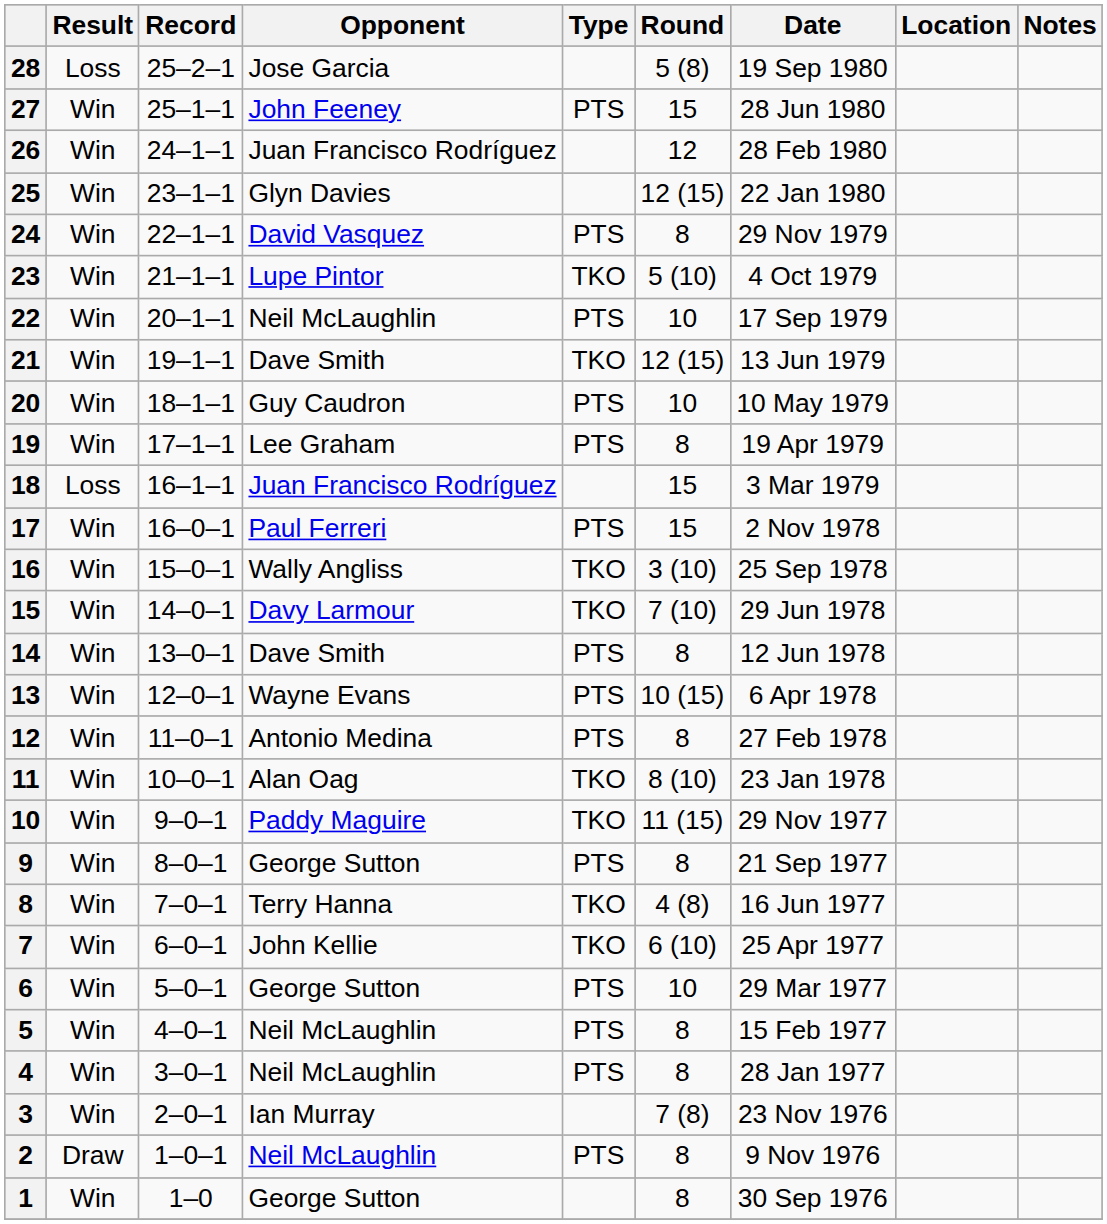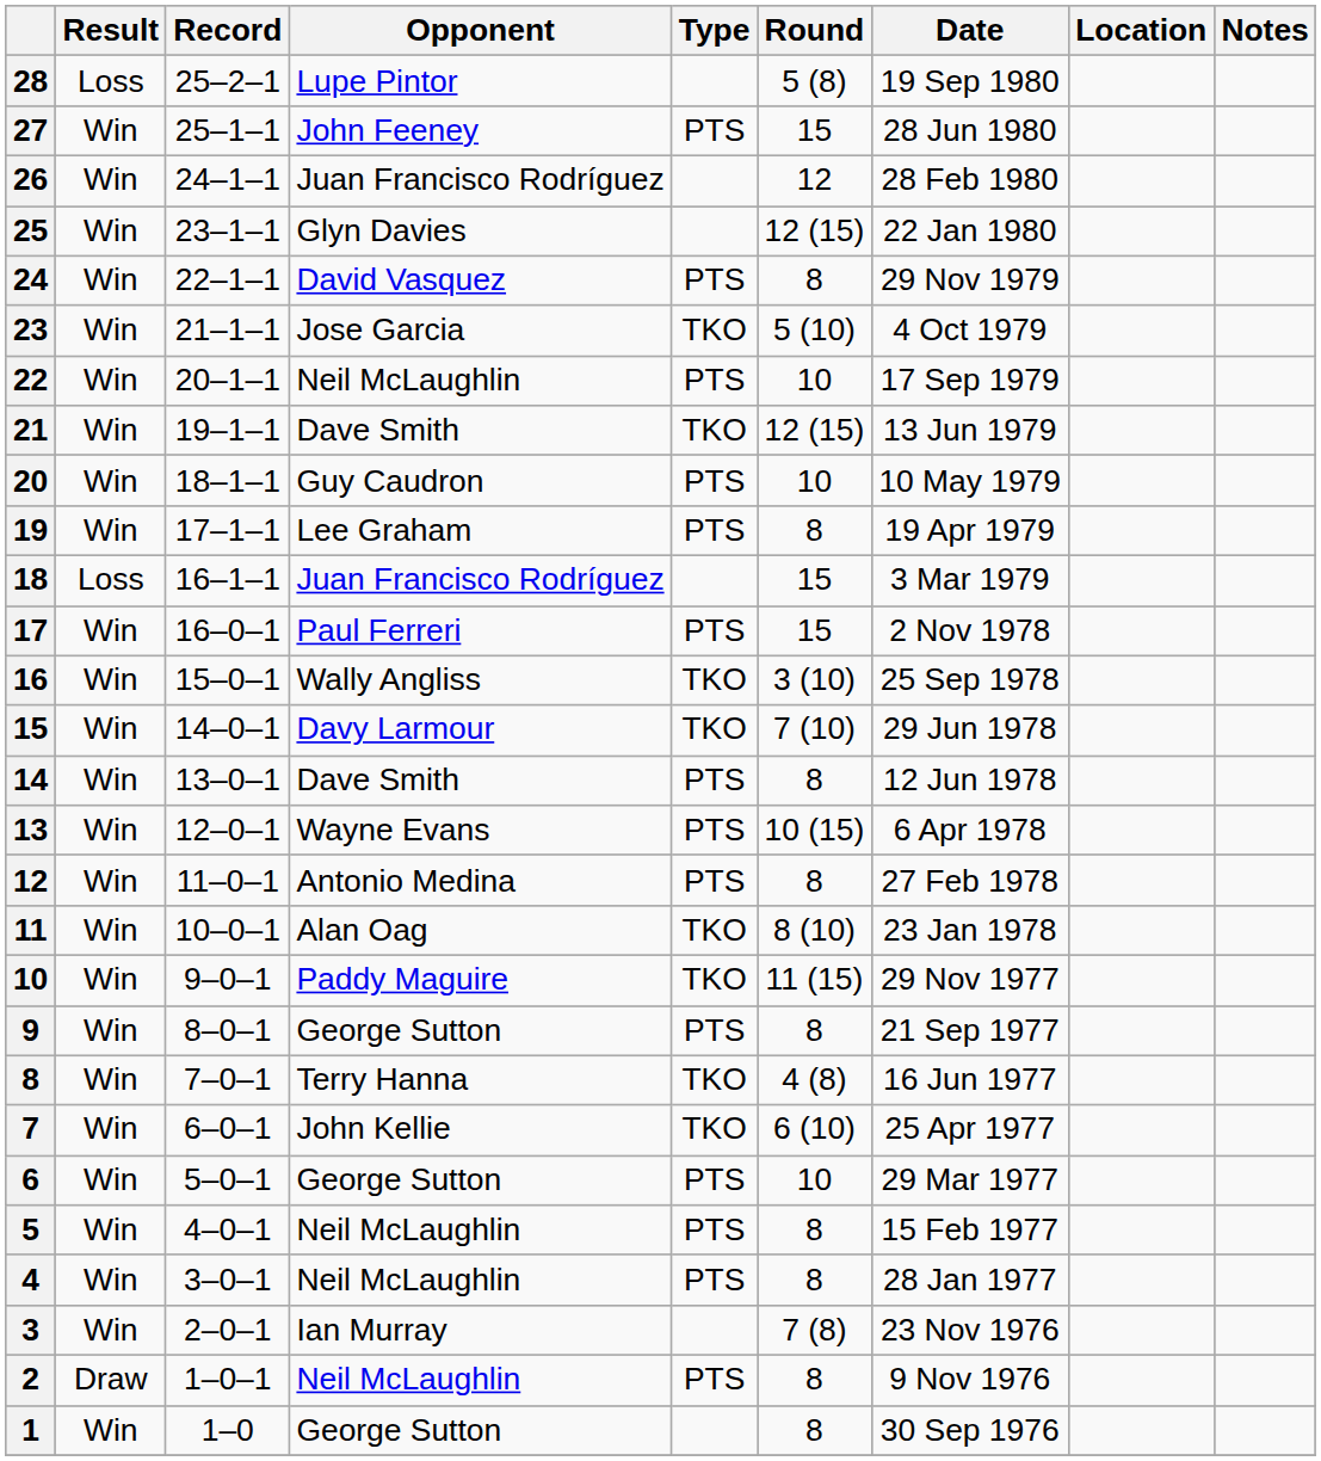 <table class="wikitable plainrowheaders" style="text-align:center">
 <tr>
 <th scope=col></th>
 <th scope=col>Result</th>
 <th scope=col>Record</th>
 <th scope=col>Opponent</th>
 <th scope=col>Type</th>
 <th scope=col>Round</th>
 <th scope=col>Date</th>
 <th scope=col>Location</th>
 <th scope=col>Notes</th>
 </tr>
 <tr>
 <th scope=row>28</th>
 <td>Loss</td>
 <td>25–2–1</td>
-<td style="text-align:left;">Jose Garcia</td>
+<td style="text-align:left;"><a href='#'>Lupe Pintor</a></td>
 <td></td>
 <td>5 (8)</td>
 <td>19 Sep 1980</td>
 <td style="text-align:left;"></td>
 <td style="text-align:left;"></td>
 </tr>
 <tr>
 <th scope=row>27</th>
 <td>Win</td>
 <td>25–1–1</td>
 <td style="text-align:left;"><a href='#'>John Feeney</a></td>
 <td>PTS</td>
 <td>15</td>
 <td>28 Jun 1980</td>
 <td style="text-align:left;"></td>
 <td style="text-align:left;"></td>
 </tr>
 <tr>
 <th scope=row>26</th>
 <td>Win</td>
 <td>24–1–1</td>
 <td style="text-align:left;">Juan Francisco Rodríguez</td>
 <td></td>
 <td>12</td>
 <td>28 Feb 1980</td>
 <td style="text-align:left;"></td>
 <td style="text-align:left;"></td>
 </tr>
 <tr>
 <th scope=row>25</th>
 <td>Win</td>
 <td>23–1–1</td>
 <td style="text-align:left;">Glyn Davies</td>
 <td></td>
 <td>12 (15)</td>
 <td>22 Jan 1980</td>
 <td style="text-align:left;"></td>
 <td></td>
 </tr>
 <tr>
 <th scope=row>24</th>
 <td>Win</td>
 <td>22–1–1</td>
 <td style="text-align:left;"><a href='#'>David Vasquez</a></td>
 <td>PTS</td>
 <td>8</td>
 <td>29 Nov 1979</td>
 <td style="text-align:left;"></td>
 <td></td>
 </tr>
 <tr>
 <th scope=row>23</th>
 <td>Win</td>
 <td>21–1–1</td>
-<td style="text-align:left;"><a href='#'>Lupe Pintor</a></td>
+<td style="text-align:left;">Jose Garcia</td>
 <td>TKO</td>
 <td>5 (10)</td>
 <td>4 Oct 1979</td>
 <td style="text-align:left;"></td>
 <td></td>
 </tr>
 <tr>
 <th scope=row>22</th>
 <td>Win</td>
 <td>20–1–1</td>
 <td style="text-align:left;">Neil McLaughlin</td>
 <td>PTS</td>
 <td>10</td>
 <td>17 Sep 1979</td>
 <td style="text-align:left;"></td>
 <td></td>
 </tr>
 <tr>
 <th scope=row>21</th>
 <td>Win</td>
 <td>19–1–1</td>
 <td style="text-align:left;">Dave Smith</td>
 <td>TKO</td>
 <td>12 (15)</td>
 <td>13 Jun 1979</td>
 <td style="text-align:left;"></td>
 <td style="text-align:left;"></td>
 </tr>
 <tr>
 <th scope=row>20</th>
 <td>Win</td>
 <td>18–1–1</td>
 <td style="text-align:left;">Guy Caudron</td>
 <td>PTS</td>
 <td>10</td>
 <td>10 May 1979</td>
 <td style="text-align:left;"></td>
 <td></td>
 </tr>
 <tr>
 <th scope=row>19</th>
 <td>Win</td>
 <td>17–1–1</td>
 <td style="text-align:left;">Lee Graham</td>
 <td>PTS</td>
 <td>8</td>
 <td>19 Apr 1979</td>
 <td style="text-align:left;"></td>
 <td></td>
 </tr>
 <tr>
 <th scope=row>18</th>
 <td>Loss</td>
 <td>16–1–1</td>
 <td style="text-align:left;"><a href='#'>Juan Francisco Rodríguez</a></td>
 <td></td>
 <td>15</td>
 <td>3 Mar 1979</td>
 <td style="text-align:left;"></td>
 <td style="text-align:left;"></td>
 </tr>
 <tr>
 <th scope=row>17</th>
 <td>Win</td>
 <td>16–0–1</td>
 <td style="text-align:left;"><a href='#'>Paul Ferreri</a></td>
 <td>PTS</td>
 <td>15</td>
 <td>2 Nov 1978</td>
 <td style="text-align:left;"></td>
 <td style="text-align:left;"></td>
 </tr>
 <tr>
 <th scope=row>16</th>
 <td>Win</td>
 <td>15–0–1</td>
 <td style="text-align:left;">Wally Angliss</td>
 <td>TKO</td>
 <td>3 (10)</td>
 <td>25 Sep 1978</td>
 <td style="text-align:left;"></td>
 <td></td>
 </tr>
 <tr>
 <th scope=row>15</th>
 <td>Win</td>
 <td>14–0–1</td>
 <td style="text-align:left;"><a href='#'>Davy Larmour</a></td>
 <td>TKO</td>
 <td>7 (10)</td>
 <td>29 Jun 1978</td>
 <td style="text-align:left;"></td>
 <td></td>
 </tr>
 <tr>
 <th scope=row>14</th>
 <td>Win</td>
 <td>13–0–1</td>
 <td style="text-align:left;">Dave Smith</td>
 <td>PTS</td>
 <td>8</td>
 <td>12 Jun 1978</td>
 <td style="text-align:left;"></td>
 <td></td>
 </tr>
 <tr>
 <th scope=row>13</th>
 <td>Win</td>
 <td>12–0–1</td>
 <td style="text-align:left;">Wayne Evans</td>
 <td>PTS</td>
 <td>10 (15)</td>
 <td>6 Apr 1978</td>
 <td style="text-align:left;"></td>
 <td style="text-align:left;"></td>
 </tr>
 <tr>
 <th scope=row>12</th>
 <td>Win</td>
 <td>11–0–1</td>
 <td style="text-align:left;">Antonio Medina</td>
 <td>PTS</td>
 <td>8</td>
 <td>27 Feb 1978</td>
 <td style="text-align:left;"></td>
 <td></td>
 </tr>
 <tr>
 <th scope=row>11</th>
 <td>Win</td>
 <td>10–0–1</td>
 <td style="text-align:left;">Alan Oag</td>
 <td>TKO</td>
 <td>8 (10)</td>
 <td>23 Jan 1978</td>
 <td style="text-align:left;"></td>
 <td></td>
 </tr>
 <tr>
 <th scope=row>10</th>
 <td>Win</td>
 <td>9–0–1</td>
 <td style="text-align:left;"><a href='#'>Paddy Maguire</a></td>
 <td>TKO</td>
 <td>11 (15)</td>
 <td>29 Nov 1977</td>
 <td style="text-align:left;"></td>
 <td style="text-align:left;"></td>
 </tr>
 <tr>
 <th scope=row>9</th>
 <td>Win</td>
 <td>8–0–1</td>
 <td style="text-align:left;">George Sutton</td>
 <td>PTS</td>
 <td>8</td>
 <td>21 Sep 1977</td>
 <td style="text-align:left;"></td>
 <td></td>
 </tr>
 <tr>
 <th scope=row>8</th>
 <td>Win</td>
 <td>7–0–1</td>
 <td style="text-align:left;">Terry Hanna</td>
 <td>TKO</td>
 <td>4 (8)</td>
 <td>16 Jun 1977</td>
 <td style="text-align:left;"></td>
 <td></td>
 </tr>
 <tr>
 <th scope=row>7</th>
 <td>Win</td>
 <td>6–0–1</td>
 <td style="text-align:left;">John Kellie</td>
 <td>TKO</td>
 <td>6 (10)</td>
 <td>25 Apr 1977</td>
 <td style="text-align:left;"></td>
 <td></td>
 </tr>
 <tr>
 <th scope=row>6</th>
 <td>Win</td>
 <td>5–0–1</td>
 <td style="text-align:left;">George Sutton</td>
 <td>PTS</td>
 <td>10</td>
 <td>29 Mar 1977</td>
 <td style="text-align:left;"></td>
 <td style="text-align:left;"></td>
 </tr>
 <tr>
 <th scope=row>5</th>
 <td>Win</td>
 <td>4–0–1</td>
 <td style="text-align:left;">Neil McLaughlin</td>
 <td>PTS</td>
 <td>8</td>
 <td>15 Feb 1977</td>
 <td style="text-align:left;"></td>
 <td></td>
 </tr>
 <tr>
 <th scope=row>4</th>
 <td>Win</td>
 <td>3–0–1</td>
 <td style="text-align:left;">Neil McLaughlin</td>
 <td>PTS</td>
 <td>8</td>
 <td>28 Jan 1977</td>
 <td style="text-align:left;"></td>
 <td></td>
 </tr>
 <tr>
 <th scope=row>3</th>
 <td>Win</td>
 <td>2–0–1</td>
 <td style="text-align:left;">Ian Murray</td>
 <td></td>
 <td>7 (8)</td>
 <td>23 Nov 1976</td>
 <td style="text-align:left;"></td>
 <td></td>
 </tr>
 <tr>
 <th scope=row>2</th>
 <td>Draw</td>
 <td>1–0–1</td>
 <td style="text-align:left;"><a href='#'>Neil McLaughlin</a></td>
 <td>PTS</td>
 <td>8</td>
 <td>9 Nov 1976</td>
 <td style="text-align:left;"></td>
 <td></td>
 </tr>
 <tr>
 <th scope=row>1</th>
 <td>Win</td>
 <td>1–0</td>
 <td style="text-align:left;">George Sutton</td>
 <td></td>
 <td>8</td>
 <td>30 Sep 1976</td>
 <td style="text-align:left;"></td>
 <td></td>
 </tr>
 <tr>
 </tr>
 </table>
